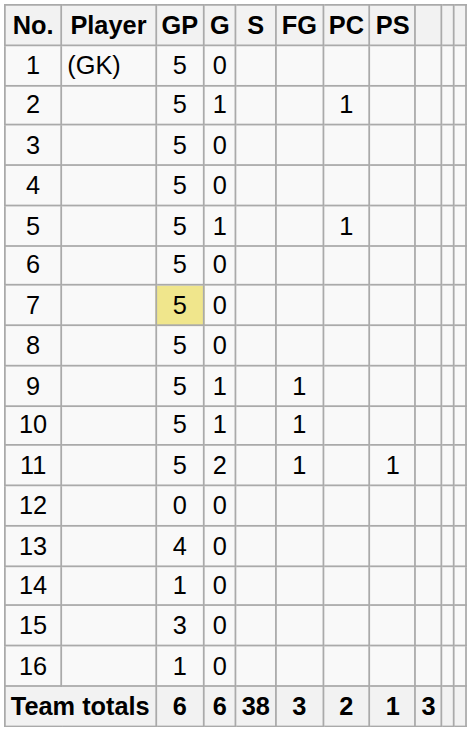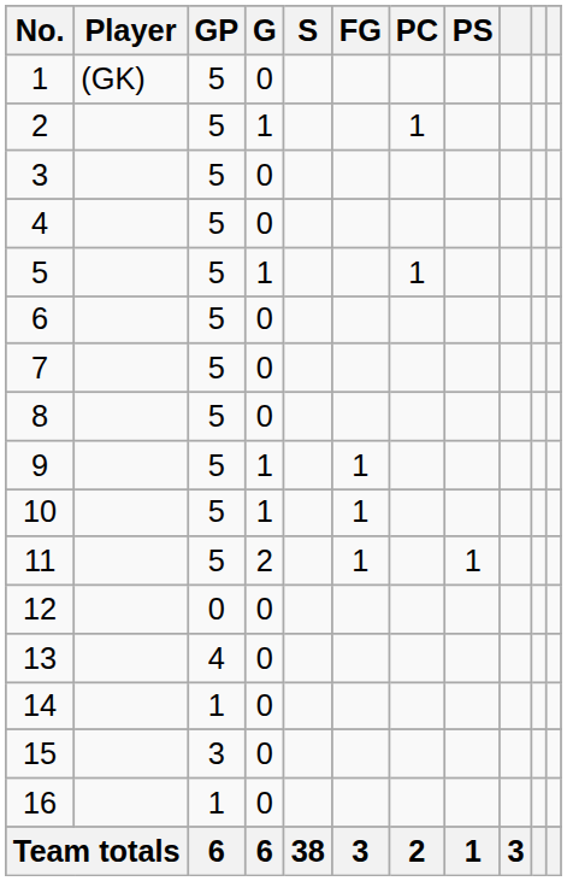 <table class="wikitable sortable" style="font-size:90%; text-align:center">
 <tr>
 <th>No.</th>
 <th>Player</th>
 <th>GP</th>
 <th>G</th>
 <th>S</th>
 <th>FG</th>
 <th>PC</th>
 <th>PS</th>
 <th></th>
 <th></th>
 <th></th>
 </tr>
 <tr>
 <td>1</td>
 <td align=left> (GK)</td>
 <td>5</td>
 <td>0</td>
 <td></td>
 <td></td>
 <td></td>
 <td></td>
 <td></td>
 <td></td>
 <td></td>
 </tr>
 <tr>
 <td>2</td>
 <td align=left></td>
 <td>5</td>
 <td>1</td>
 <td></td>
 <td></td>
 <td>1</td>
 <td></td>
 <td></td>
 <td></td>
 <td></td>
 </tr>
 <tr>
 <td>3</td>
 <td align=left></td>
 <td>5</td>
 <td>0</td>
 <td></td>
 <td></td>
 <td></td>
 <td></td>
 <td></td>
 <td></td>
 <td></td>
 </tr>
 <tr>
 <td>4</td>
 <td align=left></td>
 <td>5</td>
 <td>0</td>
 <td></td>
 <td></td>
 <td></td>
 <td></td>
 <td></td>
 <td></td>
 <td></td>
 </tr>
 <tr>
 <td>5</td>
 <td align=left></td>
 <td>5</td>
 <td>1</td>
 <td></td>
 <td></td>
 <td>1</td>
 <td></td>
 <td></td>
 <td></td>
 <td></td>
 </tr>
 <tr>
 <td>6</td>
 <td align=left></td>
 <td>5</td>
 <td>0</td>
 <td></td>
 <td></td>
 <td></td>
 <td></td>
 <td></td>
 <td></td>
 <td></td>
 </tr>
 <tr>
 <td>7</td>
 <td align=left></td>
-<td style="background: khaki;">5</td>
+<td>5</td>
 <td>0</td>
 <td></td>
 <td></td>
 <td></td>
 <td></td>
 <td></td>
 <td></td>
 <td></td>
 </tr>
 <tr>
 <td>8</td>
 <td align=left></td>
 <td>5</td>
 <td>0</td>
 <td></td>
 <td></td>
 <td></td>
 <td></td>
 <td></td>
 <td></td>
 <td></td>
 </tr>
 <tr>
 <td>9</td>
 <td align=left></td>
 <td>5</td>
 <td>1</td>
 <td></td>
 <td>1</td>
 <td></td>
 <td></td>
 <td></td>
 <td></td>
 <td></td>
 </tr>
 <tr>
 <td>10</td>
 <td align=left></td>
 <td>5</td>
 <td>1</td>
 <td></td>
 <td>1</td>
 <td></td>
 <td></td>
 <td></td>
 <td></td>
 <td></td>
 </tr>
 <tr>
 <td>11</td>
 <td align=left></td>
 <td>5</td>
 <td>2</td>
 <td></td>
 <td>1</td>
 <td></td>
 <td>1</td>
 <td></td>
 <td></td>
 <td></td>
 </tr>
 <tr>
 <td>12</td>
 <td align=left></td>
 <td>0</td>
 <td>0</td>
 <td></td>
 <td></td>
 <td></td>
 <td></td>
 <td></td>
 <td></td>
 <td></td>
 </tr>
 <tr>
 <td>13</td>
 <td align=left></td>
 <td>4</td>
 <td>0</td>
 <td></td>
 <td></td>
 <td></td>
 <td></td>
 <td></td>
 <td></td>
 <td></td>
 </tr>
 <tr>
 <td>14</td>
 <td align=left></td>
 <td>1</td>
 <td>0</td>
 <td></td>
 <td></td>
 <td></td>
 <td></td>
 <td></td>
 <td></td>
 <td></td>
 </tr>
 <tr>
 <td>15</td>
 <td align=left></td>
 <td>3</td>
 <td>0</td>
 <td></td>
 <td></td>
 <td></td>
 <td></td>
 <td></td>
 <td></td>
 <td></td>
 </tr>
 <tr>
 <td>16</td>
 <td align=left></td>
 <td>1</td>
 <td>0</td>
 <td></td>
 <td></td>
 <td></td>
 <td></td>
 <td></td>
 <td></td>
 <td></td>
 </tr>
 <tr class="sortbottom">
 <th colspan=2>Team totals</th>
 <th>6</th>
 <th>6</th>
 <th>38</th>
 <th>3</th>
 <th>2</th>
 <th>1</th>
 <th>3</th>
 <th></th>
 <th></th>
 </tr>
 </table>
